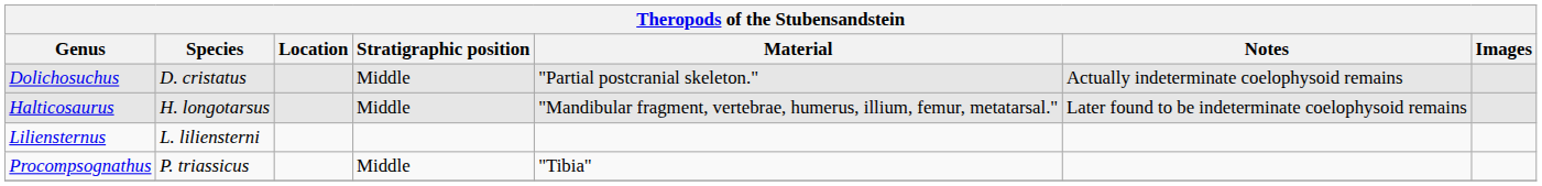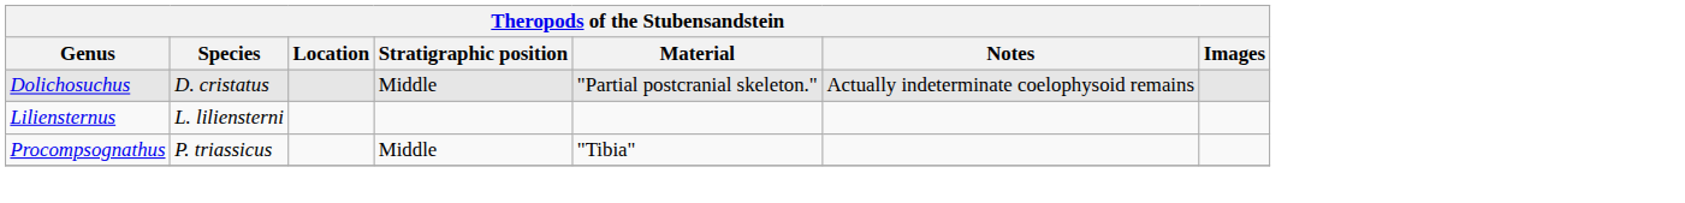 <table class="wikitable" align="center">
 <tr>
 <th colspan="7" align="center"><strong><a href='#'>Theropods</a> of the Stubensandstein</strong></th>
 </tr>
 <tr>
 <th>Genus</th>
 <th>Species</th>
 <th>Location</th>
 <th>Stratigraphic position</th>
 <th>Material</th>
 <th>Notes</th>
 <th>Images</th>
 </tr>
 <tr style="background:#E6E6E6;">
 <td><em><a href='#'>Dolichosuchus</a></em></td>
 <td><em>D. cristatus</em></td>
 <td></td>
 <td>Middle</td>
 <td>"Partial postcranial skeleton."</td>
 <td>Actually indeterminate coelophysoid remains</td>
-<td></td>
-</tr>
-<tr style="background:#E6E6E6;">
-<td><em><a href='#'>Halticosaurus</a></em></td>
-<td><em>H. longotarsus</em></td>
-<td></td>
-<td>Middle</td>
-<td>"Mandibular fragment, vertebrae, humerus, illium, femur, metatarsal."</td>
-<td>Later found to be indeterminate coelophysoid remains</td>
 <td></td>
 </tr>
 <tr>
 <td><em><a href='#'>Liliensternus</a></em></td>
 <td><em>L. liliensterni</em></td>
 <td></td>
 <td></td>
 <td></td>
 <td></td>
 <td></td>
 </tr>
 <tr>
 <td><em><a href='#'>Procompsognathus</a></em></td>
 <td><em>P. triassicus</em></td>
 <td></td>
 <td>Middle</td>
 <td>"Tibia"</td>
 <td></td>
 <td></td>
 </tr>
 <tr>
 </tr>
 </table>
